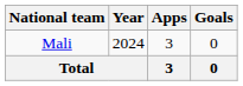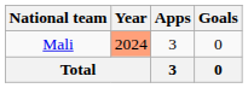 <table class="wikitable" style="text-align:center">
 <tr>
 <th>National team</th>
 <th>Year</th>
 <th>Apps</th>
 <th>Goals</th>
 </tr>
 <tr>
 <td rowspan="1"><a href='#'>Mali</a></td>
-<td>2024</td>
+<td style="background: lightsalmon;">2024</td>
 <td>3</td>
 <td>0</td>
 </tr>
 <tr>
 <th colspan="2">Total</th>
 <th>3</th>
 <th>0</th>
 </tr>
 </table>
